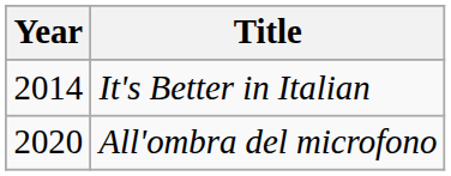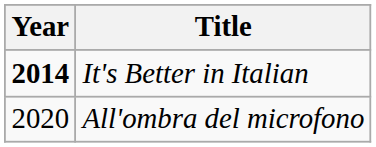 <table class="wikitable plainrowheaders sortable">
 <tr>
 <th scope="col">Year</th>
 <th scope="col">Title</th>
 </tr>
 <tr>
-<td>2014</td>
+<td><strong>2014</strong></td>
 <td><em>It's Better in Italian</em></td>
 </tr>
 <tr>
 <td>2020</td>
 <td><em>All'ombra del microfono</em></td>
 </tr>
 </table>
